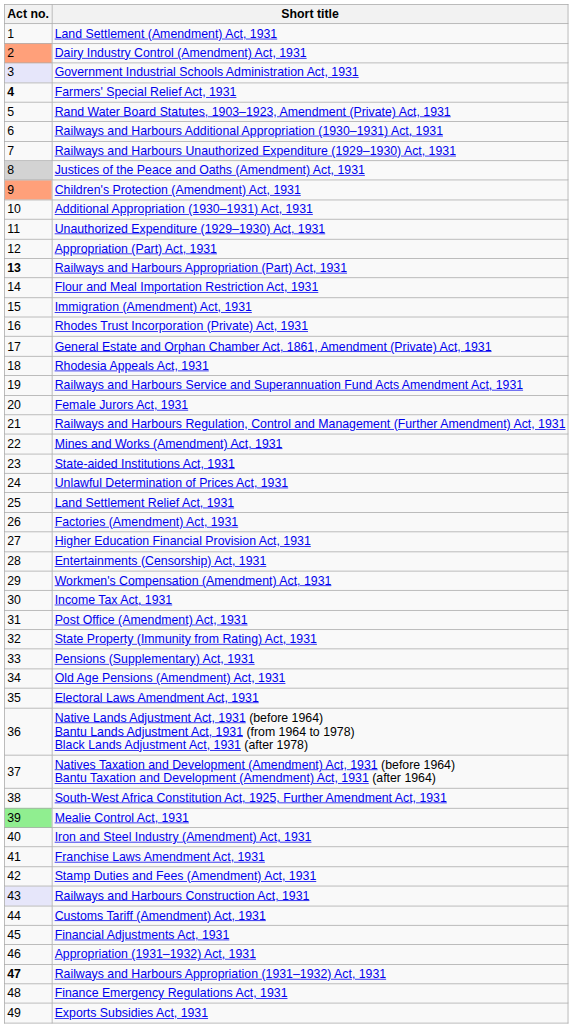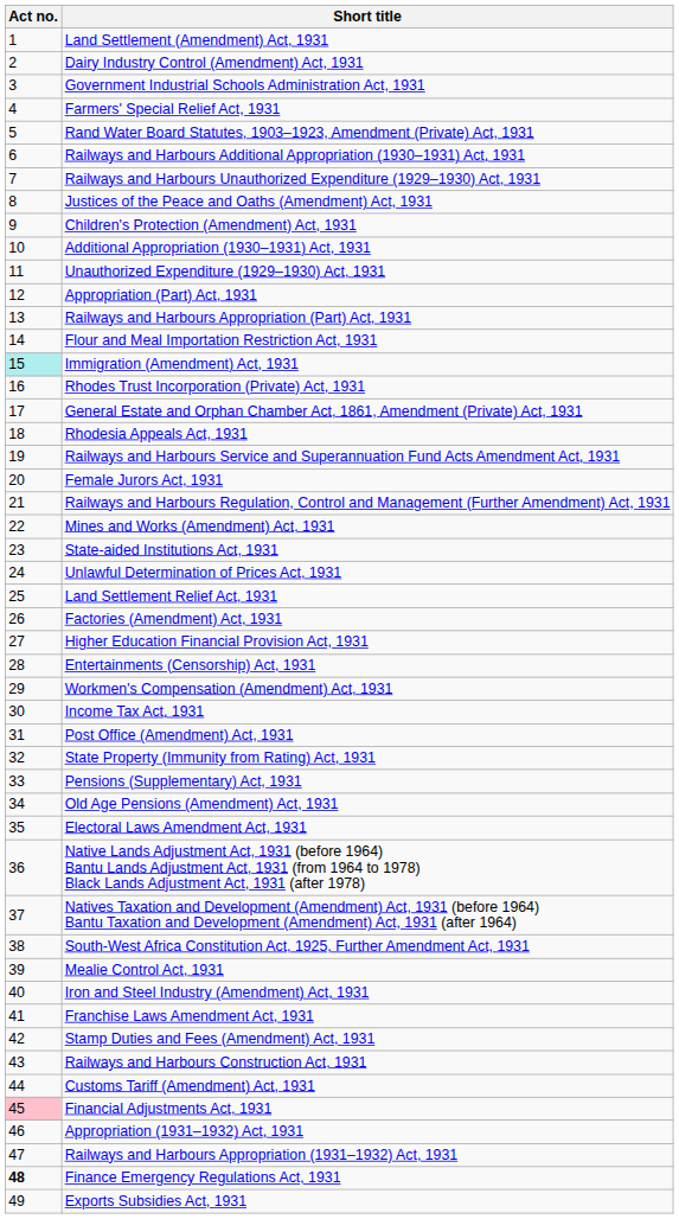 <table class="wikitable sortable">
 <tr>
 <th>Act no.</th>
 <th>Short title</th>
 </tr>
 <tr>
 <td>1</td>
 <td><a href='#'>Land Settlement (Amendment) Act, 1931</a></td>
 </tr>
 <tr>
-<td style="background: lightsalmon;">2</td>
+<td>2</td>
 <td><a href='#'>Dairy Industry Control (Amendment) Act, 1931</a></td>
 </tr>
 <tr>
-<td style="background: lavender;">3</td>
+<td>3</td>
 <td><a href='#'>Government Industrial Schools Administration Act, 1931</a></td>
 </tr>
 <tr>
-<td><strong>4</strong></td>
+<td>4</td>
 <td><a href='#'>Farmers' Special Relief Act, 1931</a></td>
 </tr>
 <tr>
 <td>5</td>
 <td><a href='#'>Rand Water Board Statutes, 1903–1923, Amendment (Private) Act, 1931</a></td>
 </tr>
 <tr>
 <td>6</td>
 <td><a href='#'>Railways and Harbours Additional Appropriation (1930–1931) Act, 1931</a></td>
 </tr>
 <tr>
 <td>7</td>
 <td><a href='#'>Railways and Harbours Unauthorized Expenditure (1929–1930) Act, 1931</a></td>
 </tr>
 <tr>
-<td style="background: lightgrey;">8</td>
+<td>8</td>
 <td><a href='#'>Justices of the Peace and Oaths (Amendment) Act, 1931</a></td>
 </tr>
 <tr>
-<td style="background: lightsalmon;">9</td>
+<td>9</td>
 <td><a href='#'>Children's Protection (Amendment) Act, 1931</a></td>
 </tr>
 <tr>
 <td>10</td>
 <td><a href='#'>Additional Appropriation (1930–1931) Act, 1931</a></td>
 </tr>
 <tr>
 <td>11</td>
 <td><a href='#'>Unauthorized Expenditure (1929–1930) Act, 1931</a></td>
 </tr>
 <tr>
 <td>12</td>
 <td><a href='#'>Appropriation (Part) Act, 1931</a></td>
 </tr>
 <tr>
-<td><strong>13</strong></td>
+<td>13</td>
 <td><a href='#'>Railways and Harbours Appropriation (Part) Act, 1931</a></td>
 </tr>
 <tr>
 <td>14</td>
 <td><a href='#'>Flour and Meal Importation Restriction Act, 1931</a></td>
 </tr>
 <tr>
-<td>15</td>
+<td style="background: paleturquoise;">15</td>
 <td><a href='#'>Immigration (Amendment) Act, 1931</a></td>
 </tr>
 <tr>
 <td>16</td>
 <td><a href='#'>Rhodes Trust Incorporation (Private) Act, 1931</a></td>
 </tr>
 <tr>
 <td>17</td>
 <td><a href='#'>General Estate and Orphan Chamber Act, 1861, Amendment (Private) Act, 1931</a></td>
 </tr>
 <tr>
 <td>18</td>
 <td><a href='#'>Rhodesia Appeals Act, 1931</a></td>
 </tr>
 <tr>
 <td>19</td>
 <td><a href='#'>Railways and Harbours Service and Superannuation Fund Acts Amendment Act, 1931</a></td>
 </tr>
 <tr>
 <td>20</td>
 <td><a href='#'>Female Jurors Act, 1931</a></td>
 </tr>
 <tr>
 <td>21</td>
 <td><a href='#'>Railways and Harbours Regulation, Control and Management (Further Amendment) Act, 1931</a></td>
 </tr>
 <tr>
 <td>22</td>
 <td><a href='#'>Mines and Works (Amendment) Act, 1931</a></td>
 </tr>
 <tr>
 <td>23</td>
 <td><a href='#'>State-aided Institutions Act, 1931</a></td>
 </tr>
 <tr>
 <td>24</td>
 <td><a href='#'>Unlawful Determination of Prices Act, 1931</a></td>
 </tr>
 <tr>
 <td>25</td>
 <td><a href='#'>Land Settlement Relief Act, 1931</a></td>
 </tr>
 <tr>
 <td>26</td>
 <td><a href='#'>Factories (Amendment) Act, 1931</a></td>
 </tr>
 <tr>
 <td>27</td>
 <td><a href='#'>Higher Education Financial Provision Act, 1931</a></td>
 </tr>
 <tr>
 <td>28</td>
 <td><a href='#'>Entertainments (Censorship) Act, 1931</a></td>
 </tr>
 <tr>
 <td>29</td>
 <td><a href='#'>Workmen's Compensation (Amendment) Act, 1931</a></td>
 </tr>
 <tr>
 <td>30</td>
 <td><a href='#'>Income Tax Act, 1931</a></td>
 </tr>
 <tr>
 <td>31</td>
 <td><a href='#'>Post Office (Amendment) Act, 1931</a></td>
 </tr>
 <tr>
 <td>32</td>
 <td><a href='#'>State Property (Immunity from Rating) Act, 1931</a></td>
 </tr>
 <tr>
 <td>33</td>
 <td><a href='#'>Pensions (Supplementary) Act, 1931</a></td>
 </tr>
 <tr>
 <td>34</td>
 <td><a href='#'>Old Age Pensions (Amendment) Act, 1931</a></td>
 </tr>
 <tr>
 <td>35</td>
 <td><a href='#'>Electoral Laws Amendment Act, 1931</a></td>
 </tr>
 <tr>
 <td>36</td>
 <td><a href='#'>Native Lands Adjustment Act, 1931</a> (before 1964) <br><a href='#'>Bantu Lands Adjustment Act, 1931</a> (from 1964 to 1978) <br><a href='#'>Black Lands Adjustment Act, 1931</a> (after 1978)</td>
 </tr>
 <tr>
 <td>37</td>
 <td><a href='#'>Natives Taxation and Development (Amendment) Act, 1931</a> (before 1964) <br><a href='#'>Bantu Taxation and Development (Amendment) Act, 1931</a> (after 1964)</td>
 </tr>
 <tr>
 <td>38</td>
 <td><a href='#'>South-West Africa Constitution Act, 1925, Further Amendment Act, 1931</a></td>
 </tr>
 <tr>
-<td style="background: lightgreen;">39</td>
+<td>39</td>
 <td><a href='#'>Mealie Control Act, 1931</a></td>
 </tr>
 <tr>
 <td>40</td>
 <td><a href='#'>Iron and Steel Industry (Amendment) Act, 1931</a></td>
 </tr>
 <tr>
 <td>41</td>
 <td><a href='#'>Franchise Laws Amendment Act, 1931</a></td>
 </tr>
 <tr>
 <td>42</td>
 <td><a href='#'>Stamp Duties and Fees (Amendment) Act, 1931</a></td>
 </tr>
 <tr>
-<td style="background: lavender;">43</td>
+<td>43</td>
 <td><a href='#'>Railways and Harbours Construction Act, 1931</a></td>
 </tr>
 <tr>
 <td>44</td>
 <td><a href='#'>Customs Tariff (Amendment) Act, 1931</a></td>
 </tr>
 <tr>
-<td>45</td>
+<td style="background: pink;">45</td>
 <td><a href='#'>Financial Adjustments Act, 1931</a></td>
 </tr>
 <tr>
 <td>46</td>
 <td><a href='#'>Appropriation (1931–1932) Act, 1931</a></td>
 </tr>
 <tr>
-<td><strong>47</strong></td>
+<td>47</td>
 <td><a href='#'>Railways and Harbours Appropriation (1931–1932) Act, 1931</a></td>
 </tr>
 <tr>
-<td>48</td>
+<td><strong>48</strong></td>
 <td><a href='#'>Finance Emergency Regulations Act, 1931</a></td>
 </tr>
 <tr>
 <td>49</td>
 <td><a href='#'>Exports Subsidies Act, 1931</a></td>
 </tr>
 </table>
